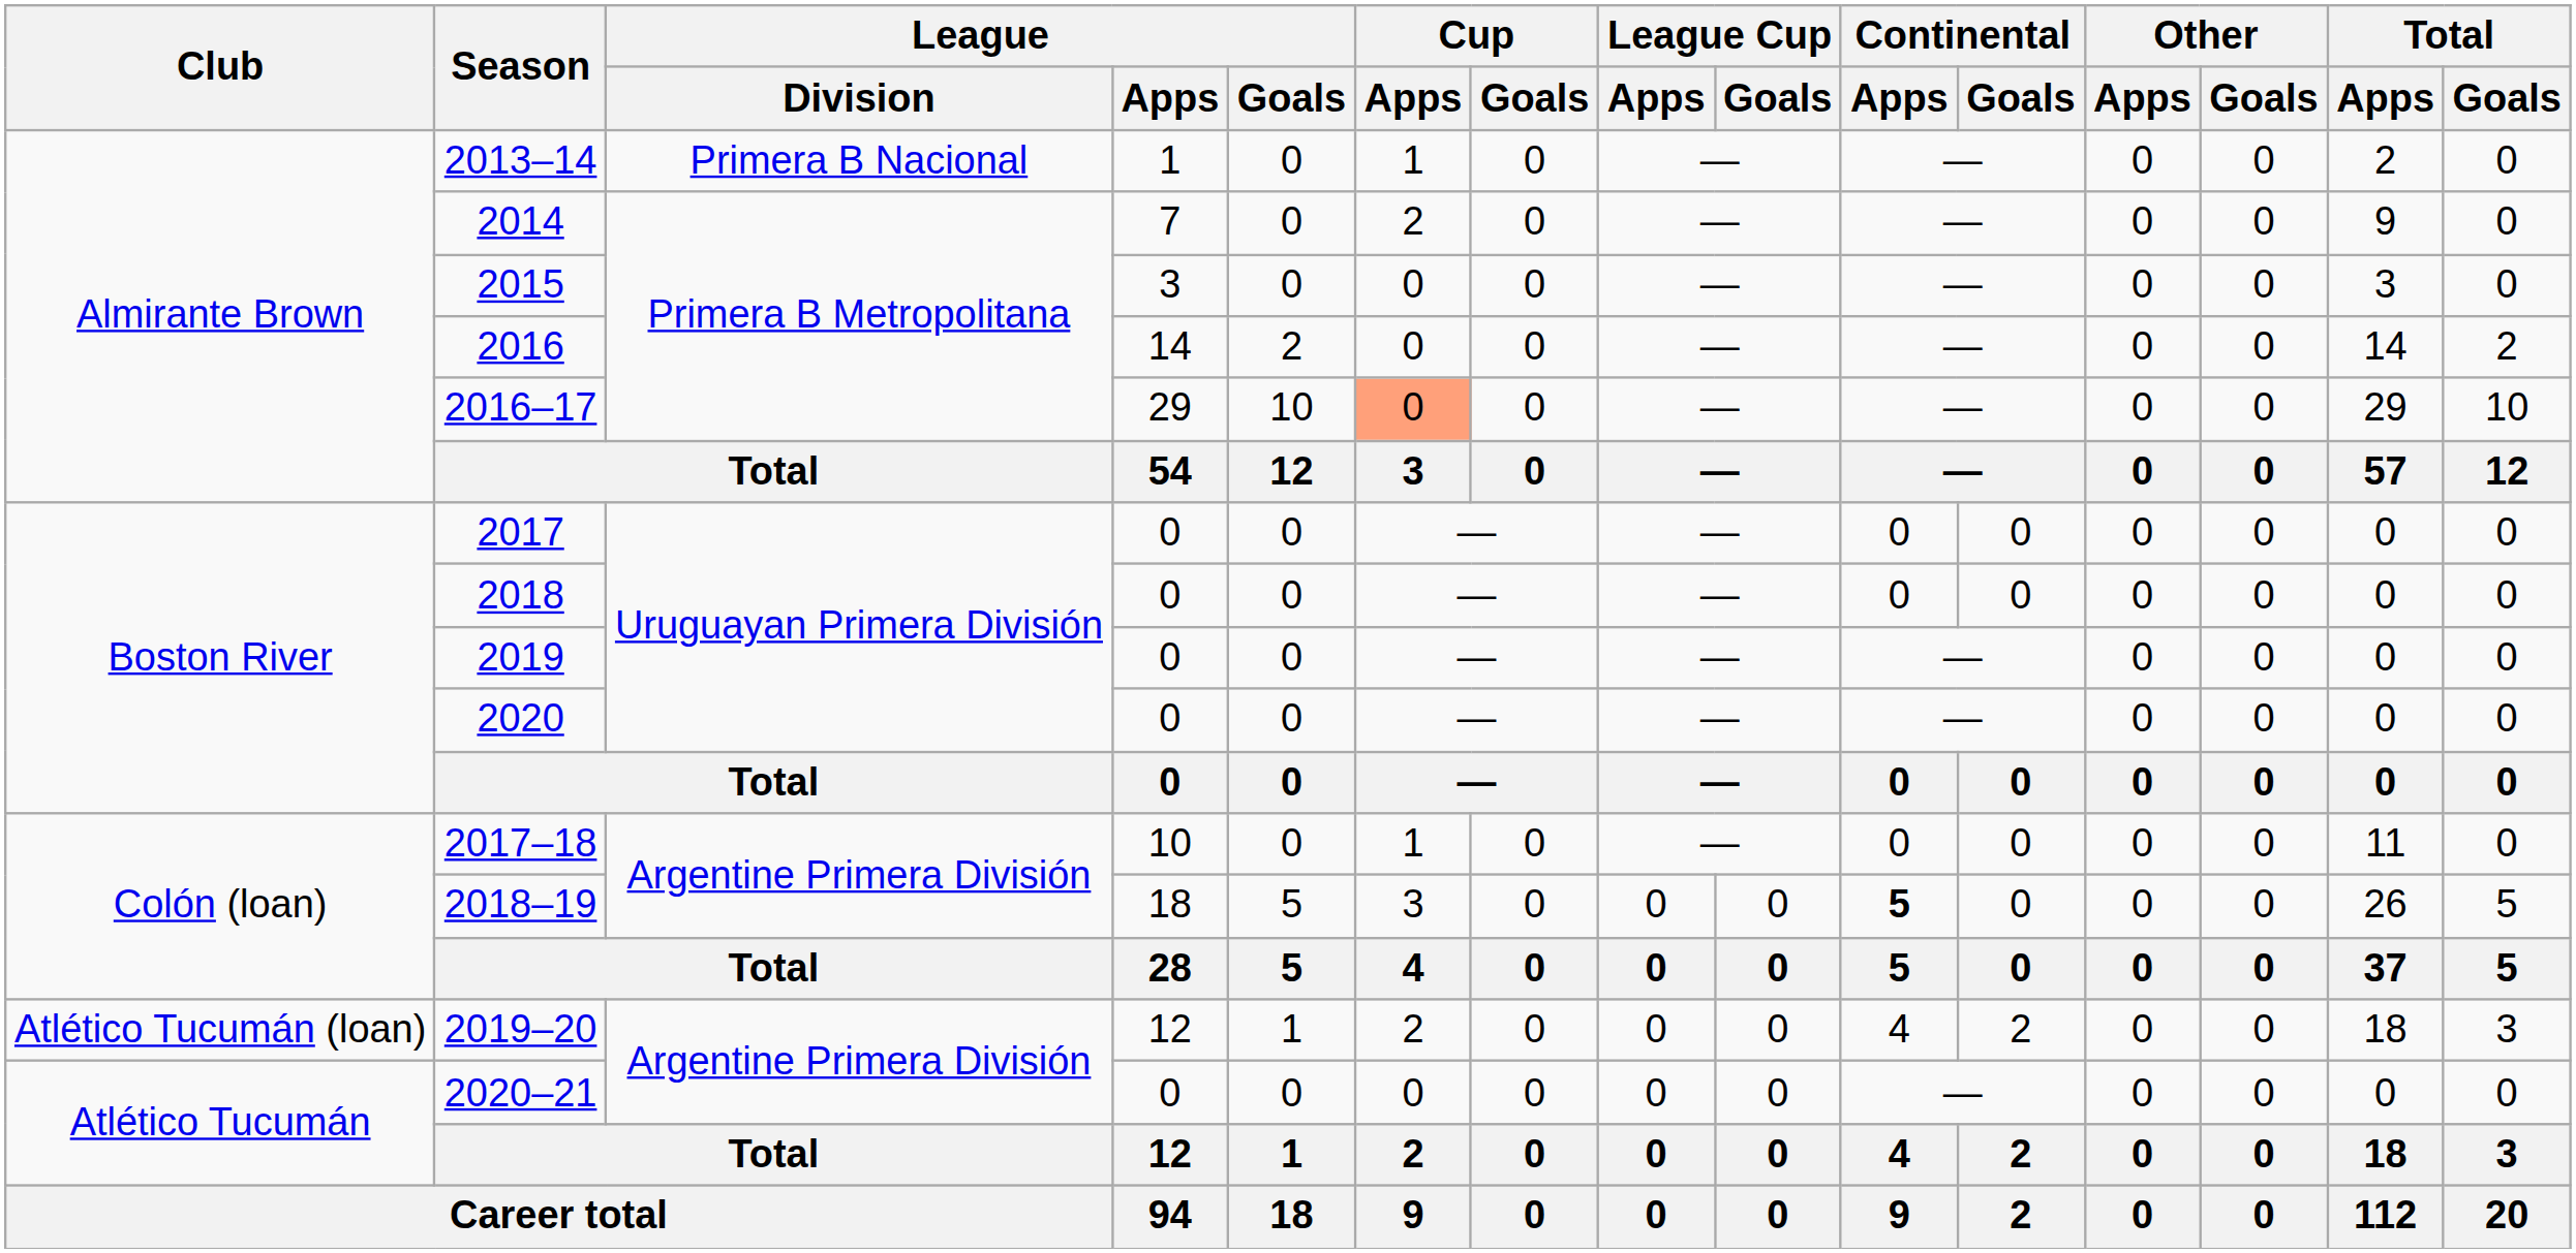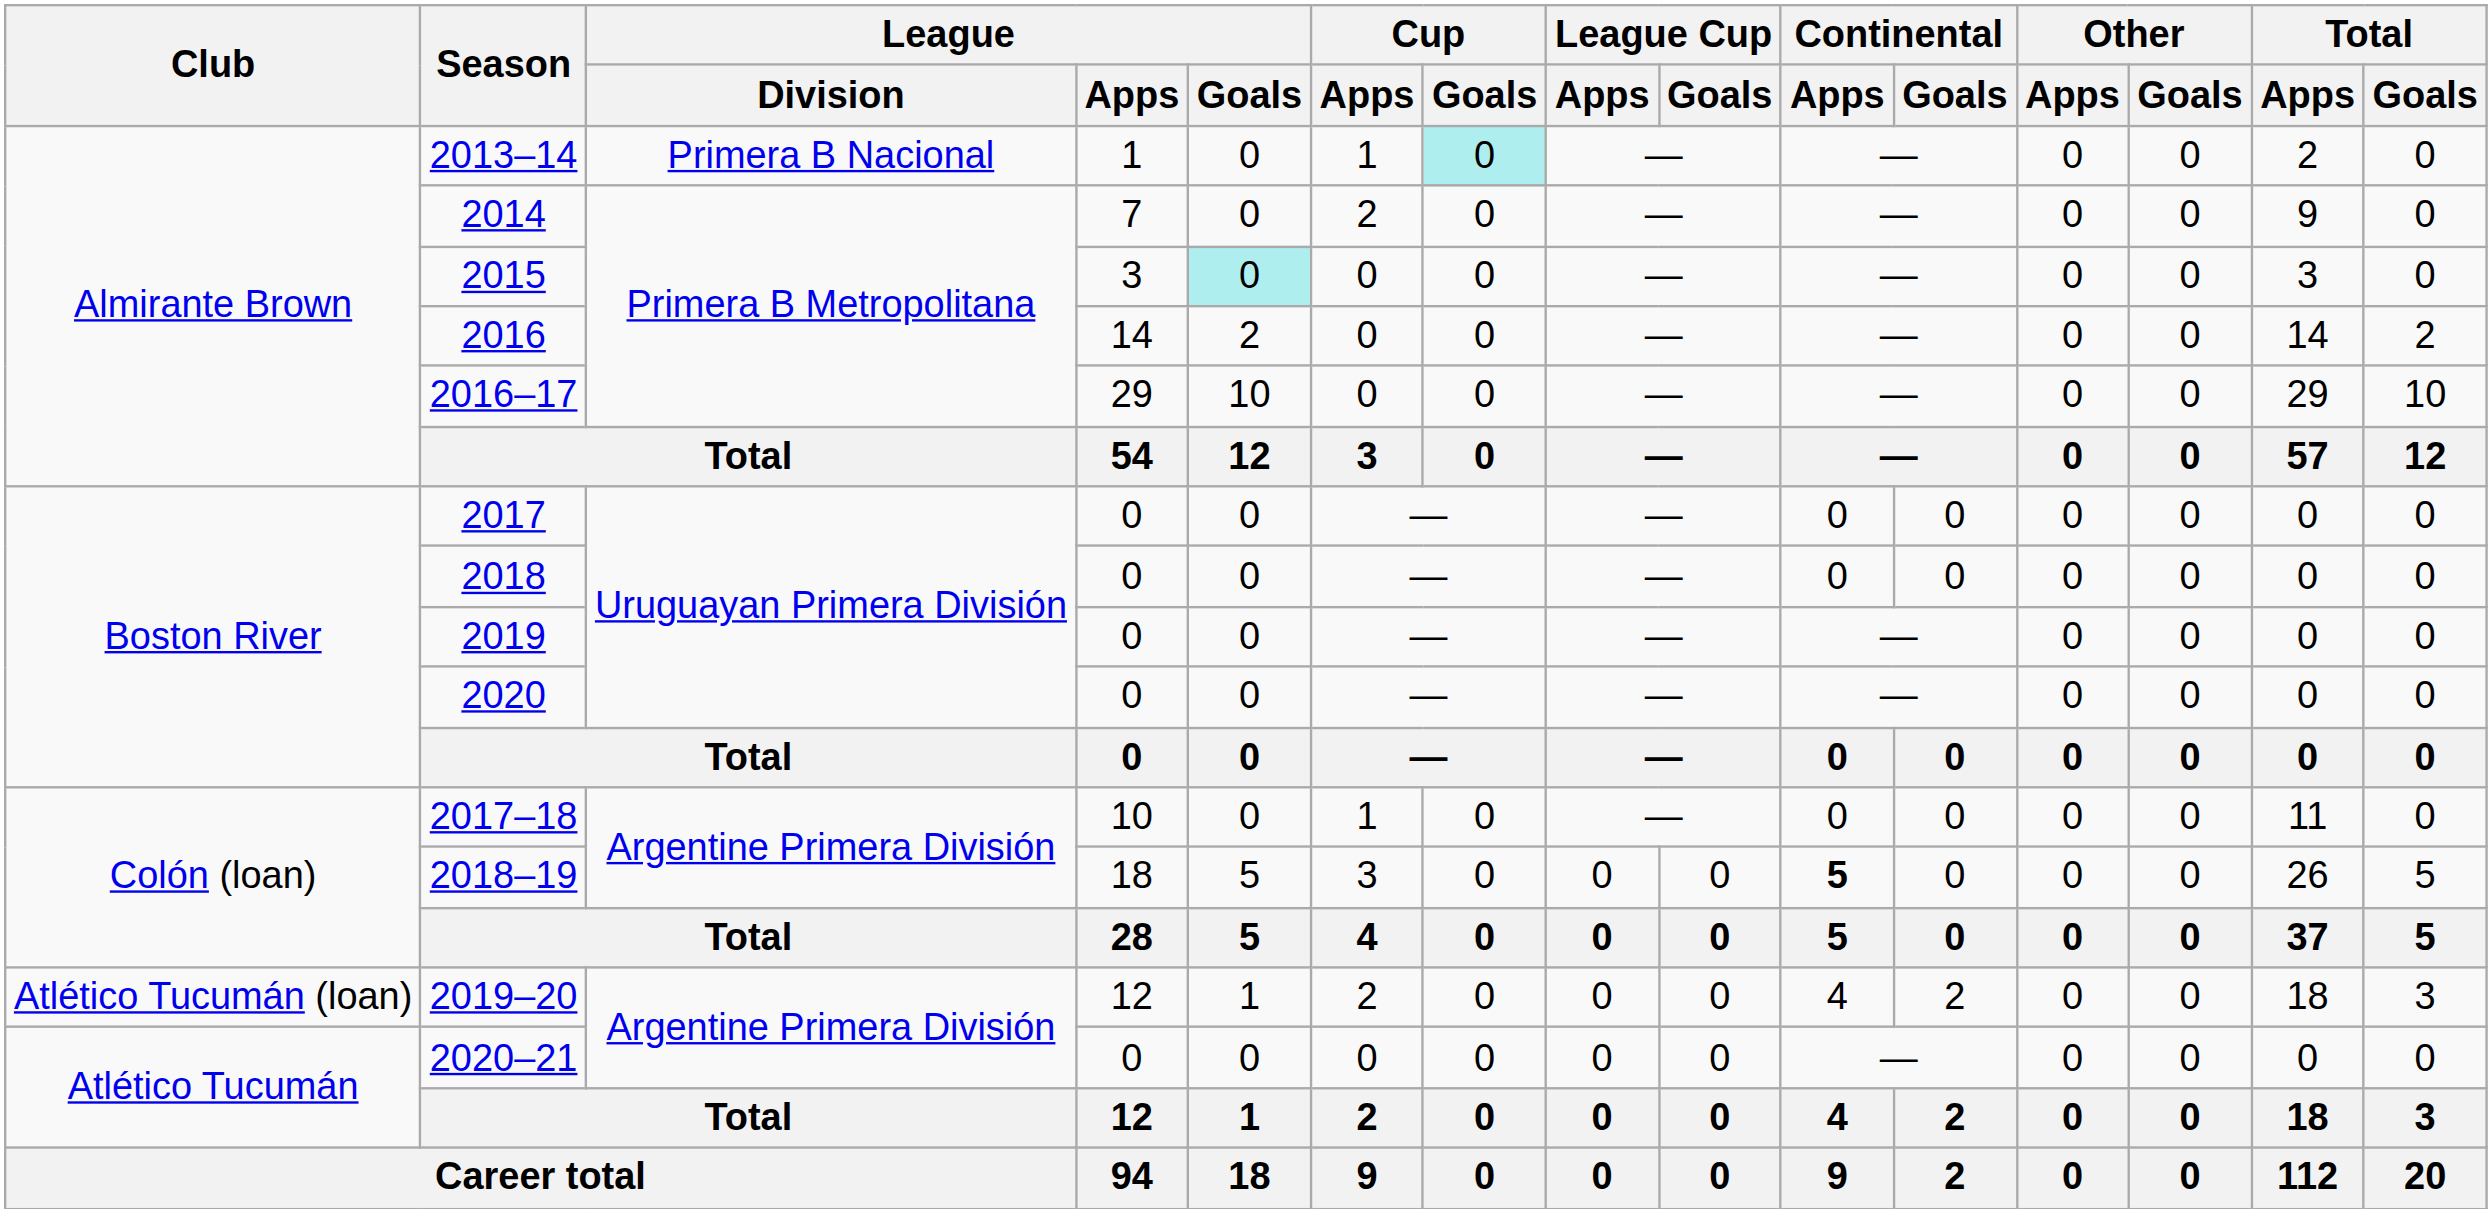 <table class="wikitable" style="text-align:center">
 <tr>
 <th rowspan="2">Club</th>
 <th rowspan="2">Season</th>
 <th colspan="3">League</th>
 <th colspan="2">Cup</th>
 <th colspan="2">League Cup</th>
 <th colspan="2">Continental</th>
 <th colspan="2">Other</th>
 <th colspan="2">Total</th>
 </tr>
 <tr>
 <th>Division</th>
 <th>Apps</th>
 <th>Goals</th>
 <th>Apps</th>
 <th>Goals</th>
 <th>Apps</th>
 <th>Goals</th>
 <th>Apps</th>
 <th>Goals</th>
 <th>Apps</th>
 <th>Goals</th>
 <th>Apps</th>
 <th>Goals</th>
 </tr>
 <tr>
 <td rowspan="6"><a href='#'>Almirante Brown</a></td>
 <td><a href='#'>2013–14</a></td>
 <td rowspan="1"><a href='#'>Primera B Nacional</a></td>
 <td>1</td>
 <td>0</td>
 <td>1</td>
-<td>0</td>
+<td style="background: paleturquoise;">0</td>
 <td colspan="2">—</td>
 <td colspan="2">—</td>
 <td>0</td>
 <td>0</td>
 <td>2</td>
 <td>0</td>
 </tr>
 <tr>
 <td><a href='#'>2014</a></td>
 <td rowspan="4"><a href='#'>Primera B Metropolitana</a></td>
 <td>7</td>
 <td>0</td>
 <td>2</td>
 <td>0</td>
 <td colspan="2">—</td>
 <td colspan="2">—</td>
 <td>0</td>
 <td>0</td>
 <td>9</td>
 <td>0</td>
 </tr>
 <tr>
 <td><a href='#'>2015</a></td>
 <td>3</td>
-<td>0</td>
+<td style="background: paleturquoise;">0</td>
 <td>0</td>
 <td>0</td>
 <td colspan="2">—</td>
 <td colspan="2">—</td>
 <td>0</td>
 <td>0</td>
 <td>3</td>
 <td>0</td>
 </tr>
 <tr>
 <td><a href='#'>2016</a></td>
 <td>14</td>
 <td>2</td>
 <td>0</td>
 <td>0</td>
 <td colspan="2">—</td>
 <td colspan="2">—</td>
 <td>0</td>
 <td>0</td>
 <td>14</td>
 <td>2</td>
 </tr>
 <tr>
 <td><a href='#'>2016–17</a></td>
 <td>29</td>
 <td>10</td>
-<td style="background: lightsalmon;">0</td>
+<td>0</td>
 <td>0</td>
 <td colspan="2">—</td>
 <td colspan="2">—</td>
 <td>0</td>
 <td>0</td>
 <td>29</td>
 <td>10</td>
 </tr>
 <tr>
 <th colspan="2">Total</th>
 <th>54</th>
 <th>12</th>
 <th>3</th>
 <th>0</th>
 <th colspan="2">—</th>
 <th colspan="2">—</th>
 <th>0</th>
 <th>0</th>
 <th>57</th>
 <th>12</th>
 </tr>
 <tr>
 <td rowspan="5"><a href='#'>Boston River</a></td>
 <td><a href='#'>2017</a></td>
 <td rowspan="4"><a href='#'>Uruguayan Primera División</a></td>
 <td>0</td>
 <td>0</td>
 <td colspan="2">—</td>
 <td colspan="2">—</td>
 <td>0</td>
 <td>0</td>
 <td>0</td>
 <td>0</td>
 <td>0</td>
 <td>0</td>
 </tr>
 <tr>
 <td><a href='#'>2018</a></td>
 <td>0</td>
 <td>0</td>
 <td colspan="2">—</td>
 <td colspan="2">—</td>
 <td>0</td>
 <td>0</td>
 <td>0</td>
 <td>0</td>
 <td>0</td>
 <td>0</td>
 </tr>
 <tr>
 <td><a href='#'>2019</a></td>
 <td>0</td>
 <td>0</td>
 <td colspan="2">—</td>
 <td colspan="2">—</td>
 <td colspan="2">—</td>
 <td>0</td>
 <td>0</td>
 <td>0</td>
 <td>0</td>
 </tr>
 <tr>
 <td><a href='#'>2020</a></td>
 <td>0</td>
 <td>0</td>
 <td colspan="2">—</td>
 <td colspan="2">—</td>
 <td colspan="2">—</td>
 <td>0</td>
 <td>0</td>
 <td>0</td>
 <td>0</td>
 </tr>
 <tr>
 <th colspan="2">Total</th>
 <th>0</th>
 <th>0</th>
 <th colspan="2">—</th>
 <th colspan="2">—</th>
 <th>0</th>
 <th>0</th>
 <th>0</th>
 <th>0</th>
 <th>0</th>
 <th>0</th>
 </tr>
 <tr>
 <td rowspan="3"><a href='#'>Colón</a> (loan)</td>
 <td><a href='#'>2017–18</a></td>
 <td rowspan="2"><a href='#'>Argentine Primera División</a></td>
 <td>10</td>
 <td>0</td>
 <td>1</td>
 <td>0</td>
 <td colspan="2">—</td>
 <td>0</td>
 <td>0</td>
 <td>0</td>
 <td>0</td>
 <td>11</td>
 <td>0</td>
 </tr>
 <tr>
 <td><a href='#'>2018–19</a></td>
 <td>18</td>
 <td>5</td>
 <td>3</td>
 <td>0</td>
 <td>0</td>
 <td>0</td>
 <td><strong>5</strong></td>
 <td>0</td>
 <td>0</td>
 <td>0</td>
 <td>26</td>
 <td>5</td>
 </tr>
 <tr>
 <th colspan="2">Total</th>
 <th>28</th>
 <th>5</th>
 <th>4</th>
 <th>0</th>
 <th>0</th>
 <th>0</th>
 <th>5</th>
 <th>0</th>
 <th>0</th>
 <th>0</th>
 <th>37</th>
 <th>5</th>
 </tr>
 <tr>
 <td rowspan="1"><a href='#'>Atlético Tucumán</a> (loan)</td>
 <td><a href='#'>2019–20</a></td>
 <td rowspan="2"><a href='#'>Argentine Primera División</a></td>
 <td>12</td>
 <td>1</td>
 <td>2</td>
 <td>0</td>
 <td>0</td>
 <td>0</td>
 <td>4</td>
 <td>2</td>
 <td>0</td>
 <td>0</td>
 <td>18</td>
 <td>3</td>
 </tr>
 <tr>
 <td rowspan="2"><a href='#'>Atlético Tucumán</a></td>
 <td><a href='#'>2020–21</a></td>
 <td>0</td>
 <td>0</td>
 <td>0</td>
 <td>0</td>
 <td>0</td>
 <td>0</td>
 <td colspan="2">—</td>
 <td>0</td>
 <td>0</td>
 <td>0</td>
 <td>0</td>
 </tr>
 <tr>
 <th colspan="2">Total</th>
 <th>12</th>
 <th>1</th>
 <th>2</th>
 <th>0</th>
 <th>0</th>
 <th>0</th>
 <th>4</th>
 <th>2</th>
 <th>0</th>
 <th>0</th>
 <th>18</th>
 <th>3</th>
 </tr>
 <tr>
 <th colspan="3">Career total</th>
 <th>94</th>
 <th>18</th>
 <th>9</th>
 <th>0</th>
 <th>0</th>
 <th>0</th>
 <th>9</th>
 <th>2</th>
 <th>0</th>
 <th>0</th>
 <th>112</th>
 <th>20</th>
 </tr>
 </table>
